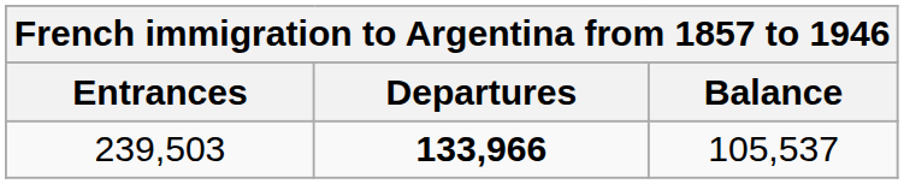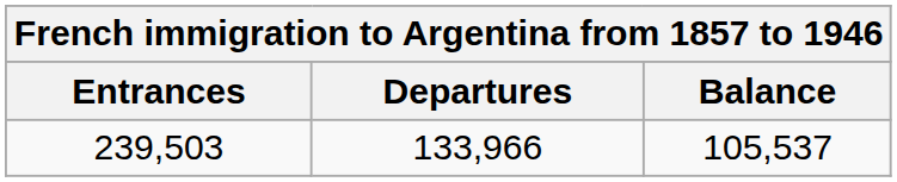 <table class="wikitable" style="text-align:center;">
 <tr>
 <th colspan=5>French immigration to Argentina from 1857 to 1946</th>
 </tr>
 <tr>
 <th>Entrances</th>
 <th>Departures</th>
 <th>Balance</th>
 </tr>
 <tr>
 <td>239,503</td>
-<td><strong>133,966</strong></td>
+<td>133,966</td>
 <td>105,537</td>
 </tr>
 </table>
